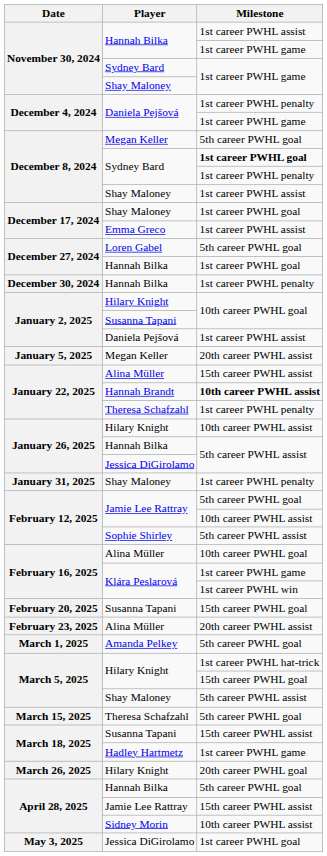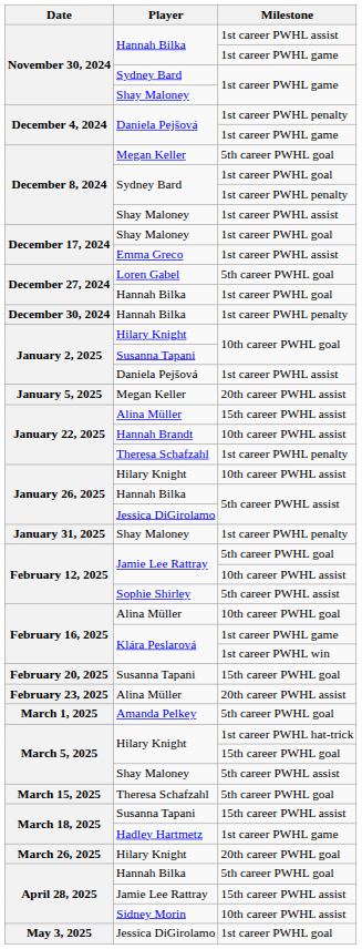 <table class="wikitable">
 <tr>
 <th scope="col">Date</th>
 <th scope="col">Player</th>
 <th scope="col">Milestone</th>
 </tr>
 <tr>
 <th scope="rowgroup" rowspan="4">November 30, 2024</th>
 <td rowspan="2"><a href='#'>Hannah Bilka</a></td>
 <td>1st career PWHL assist</td>
 </tr>
 <tr>
 <td>1st career PWHL game</td>
 </tr>
 <tr>
 <td><a href='#'>Sydney Bard</a></td>
 <td rowspan="2">1st career PWHL game</td>
 </tr>
 <tr>
 <td><a href='#'>Shay Maloney</a></td>
 </tr>
 <tr>
 <th scope="rowgroup" rowspan="2">December 4, 2024</th>
 <td rowspan="2"><a href='#'>Daniela Pejšová</a></td>
 <td>1st career PWHL penalty</td>
 </tr>
 <tr>
 <td>1st career PWHL game</td>
 </tr>
 <tr>
 <th scope="rowgroup" rowspan="4">December 8, 2024</th>
 <td><a href='#'>Megan Keller</a></td>
 <td>5th career PWHL goal</td>
 </tr>
 <tr>
 <td rowspan="2">Sydney Bard</td>
-<td><strong>1st career PWHL goal</strong></td>
+<td>1st career PWHL goal</td>
 </tr>
 <tr>
 <td>1st career PWHL penalty</td>
 </tr>
 <tr>
 <td>Shay Maloney</td>
 <td>1st career PWHL assist</td>
 </tr>
 <tr>
 <th scope="rowgroup" rowspan="2">December 17, 2024</th>
 <td>Shay Maloney</td>
 <td>1st career PWHL goal</td>
 </tr>
 <tr>
 <td><a href='#'>Emma Greco</a></td>
 <td>1st career PWHL assist</td>
 </tr>
 <tr>
 <th scope="rowgroup" rowspan="2">December 27, 2024</th>
 <td><a href='#'>Loren Gabel</a></td>
 <td>5th career PWHL goal</td>
 </tr>
 <tr>
 <td>Hannah Bilka</td>
 <td>1st career PWHL goal</td>
 </tr>
 <tr>
 <th scope="rowgroup" rowspan="1">December 30, 2024</th>
 <td>Hannah Bilka</td>
 <td>1st career PWHL penalty</td>
 </tr>
 <tr>
 <th scope="rowgroup" rowspan="3">January 2, 2025</th>
 <td><a href='#'>Hilary Knight</a></td>
 <td rowspan="2">10th career PWHL goal</td>
 </tr>
 <tr>
 <td><a href='#'>Susanna Tapani</a></td>
 </tr>
 <tr>
 <td>Daniela Pejšová</td>
 <td>1st career PWHL assist</td>
 </tr>
 <tr>
 <th scope="rowgroup" rowspan="1">January 5, 2025</th>
 <td>Megan Keller</td>
 <td>20th career PWHL assist</td>
 </tr>
 <tr>
 <th scope="rowgroup" rowspan="3">January 22, 2025</th>
 <td><a href='#'>Alina Müller</a></td>
 <td>15th career PWHL assist</td>
 </tr>
 <tr>
 <td><a href='#'>Hannah Brandt</a></td>
-<td><strong>10th career PWHL assist</strong></td>
+<td>10th career PWHL assist</td>
 </tr>
 <tr>
 <td><a href='#'>Theresa Schafzahl</a></td>
 <td>1st career PWHL penalty</td>
 </tr>
 <tr>
 <th scope="rowgroup" rowspan="3">January 26, 2025</th>
 <td>Hilary Knight</td>
 <td>10th career PWHL assist</td>
 </tr>
 <tr>
 <td>Hannah Bilka</td>
 <td rowspan="2">5th career PWHL assist</td>
 </tr>
 <tr>
 <td><a href='#'>Jessica DiGirolamo</a></td>
 </tr>
 <tr>
 <th scope="rowgroup" rowspan="1">January 31, 2025</th>
 <td>Shay Maloney</td>
 <td>1st career PWHL penalty</td>
 </tr>
 <tr>
 <th scope="rowgroup" rowspan="3">February 12, 2025</th>
 <td rowspan="2"><a href='#'>Jamie Lee Rattray</a></td>
 <td>5th career PWHL goal</td>
 </tr>
 <tr>
 <td>10th career PWHL assist</td>
 </tr>
 <tr>
 <td><a href='#'>Sophie Shirley</a></td>
 <td>5th career PWHL assist</td>
 </tr>
 <tr>
 <th scope="rowgroup" rowspan="3">February 16, 2025</th>
 <td>Alina Müller</td>
 <td>10th career PWHL goal</td>
 </tr>
 <tr>
 <td rowspan="2"><a href='#'>Klára Peslarová</a></td>
 <td>1st career PWHL game</td>
 </tr>
 <tr>
 <td>1st career PWHL win</td>
 </tr>
 <tr>
 <th scope="rowgroup" rowspan="1">February 20, 2025</th>
 <td>Susanna Tapani</td>
 <td>15th career PWHL goal</td>
 </tr>
 <tr>
 <th scope="rowgroup" rowspan="1">February 23, 2025</th>
 <td>Alina Müller</td>
 <td>20th career PWHL assist</td>
 </tr>
 <tr>
 <th scope="rowgroup" rowspan="1">March 1, 2025</th>
 <td><a href='#'>Amanda Pelkey</a></td>
 <td>5th career PWHL goal</td>
 </tr>
 <tr>
 <th scope="rowgroup" rowspan="3">March 5, 2025</th>
 <td rowspan="2">Hilary Knight</td>
 <td>1st career PWHL hat-trick</td>
 </tr>
 <tr>
 <td>15th career PWHL goal</td>
 </tr>
 <tr>
 <td>Shay Maloney</td>
 <td>5th career PWHL assist</td>
 </tr>
 <tr>
 <th scope="rowgroup" rowspan="1">March 15, 2025</th>
 <td>Theresa Schafzahl</td>
 <td>5th career PWHL goal</td>
 </tr>
 <tr>
 <th scope="rowgroup" rowspan="2">March 18, 2025</th>
 <td>Susanna Tapani</td>
 <td>15th career PWHL assist</td>
 </tr>
 <tr>
 <td><a href='#'>Hadley Hartmetz</a></td>
 <td>1st career PWHL game</td>
 </tr>
 <tr>
 <th scope="rowgroup" rowspan="1">March 26, 2025</th>
 <td>Hilary Knight</td>
 <td>20th career PWHL goal</td>
 </tr>
 <tr>
 <th scope="rowgroup" rowspan="3">April 28, 2025</th>
 <td>Hannah Bilka</td>
 <td>5th career PWHL goal</td>
 </tr>
 <tr>
 <td>Jamie Lee Rattray</td>
 <td>15th career PWHL assist</td>
 </tr>
 <tr>
 <td><a href='#'>Sidney Morin</a></td>
 <td>10th career PWHL assist</td>
 </tr>
 <tr>
 <th scope="rowgroup" rowspan="1">May 3, 2025</th>
 <td>Jessica DiGirolamo</td>
 <td>1st career PWHL goal</td>
 </tr>
 </table>
